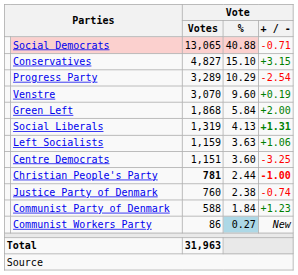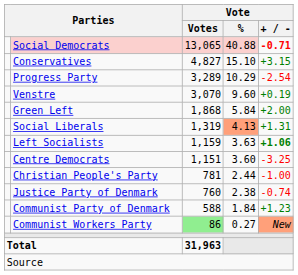 <table class="wikitable" style="text-align:right;">
 <tr>
 <th style="text-align:centre;" rowspan="2" colspan="2" width="225">Parties</th>
 <th colspan="3">Vote</th>
 </tr>
 <tr>
 <th width="15">Votes</th>
 <th width="15">%</th>
 <th width="15">+ / -</th>
 </tr>
 <tr>
 <td width="2" style="color:inherit;background:"></td>
 <td bgcolor=#fbd0ce  align="left"><a href='#'>Social Democrats</a></td>
 <td bgcolor=#fbd0ce>13,065</td>
 <td bgcolor=#fbd0ce>40.88</td>
-<td style=color:red;>-0.71</td>
+<td style=color:red;><strong>-0.71</strong></td>
 </tr>
 <tr>
 <td width="2" style="color:inherit;background:"></td>
 <td align="left"><a href='#'>Conservatives</a></td>
 <td>4,827</td>
 <td>15.10</td>
 <td style=color:green;>+3.15</td>
 </tr>
 <tr>
 <td width="2" style="color:inherit;background:"></td>
 <td align="left"><a href='#'>Progress Party</a></td>
 <td>3,289</td>
 <td>10.29</td>
 <td style=color:red;>-2.54</td>
 </tr>
 <tr>
 <td width="2" style="color:inherit;background:"></td>
 <td align="left"><a href='#'>Venstre</a></td>
 <td>3,070</td>
 <td>9.60</td>
 <td style=color:green;>+0.19</td>
 </tr>
 <tr>
 <td width="2" style="color:inherit;background:"></td>
 <td align="left"><a href='#'>Green Left</a></td>
 <td>1,868</td>
 <td>5.84</td>
 <td style=color:green;>+2.00</td>
 </tr>
 <tr>
 <td width="2" style="color:inherit;background:"></td>
 <td align="left"><a href='#'>Social Liberals</a></td>
 <td>1,319</td>
-<td>4.13</td>
-<td style=color:green;><strong>+1.31</strong></td>
+<td style="background: lightsalmon;">4.13</td>
+<td style=color:green;>+1.31</td>
 </tr>
 <tr>
 <td width="2" style="color:inherit;background:"></td>
 <td align="left"><a href='#'>Left Socialists</a></td>
 <td>1,159</td>
 <td>3.63</td>
-<td style=color:green;>+1.06</td>
+<td style=color:green;><strong>+1.06</strong></td>
 </tr>
 <tr>
 <td width="2" style="color:inherit;background:"></td>
 <td align="left"><a href='#'>Centre Democrats</a></td>
 <td>1,151</td>
 <td>3.60</td>
 <td style=color:red;>-3.25</td>
 </tr>
 <tr>
 <td width="2" style="color:inherit;background:"></td>
 <td align="left"><a href='#'>Christian People's Party</a></td>
-<td><strong>781</strong></td>
+<td>781</td>
 <td>2.44</td>
-<td style=color:red;><strong>-1.00</strong></td>
+<td style=color:red;>-1.00</td>
 </tr>
 <tr>
 <td width="2" style="color:inherit;background:"></td>
 <td align="left"><a href='#'>Justice Party of Denmark</a></td>
 <td>760</td>
 <td>2.38</td>
 <td style=color:red;>-0.74</td>
 </tr>
 <tr>
 <td width="2" style="color:inherit;background:"></td>
 <td align="left"><a href='#'>Communist Party of Denmark</a></td>
 <td>588</td>
 <td>1.84</td>
 <td style=color:green;>+1.23</td>
 </tr>
 <tr>
 <td width="2" style="color:inherit;background:"></td>
 <td align="left"><a href='#'>Communist Workers Party</a></td>
-<td>86</td>
-<td style="background: lightblue;">0.27</td>
-<td><em>New</em></td>
+<td style="background: lightgreen;">86</td>
+<td>0.27</td>
+<td style="background: lightsalmon;"><em>New</em></td>
 </tr>
 <tr>
 <td colspan="7" bgcolor="#E9E9E9"></td>
 </tr>
 <tr>
 <td align="left" colspan="2"><strong>Total</strong></td>
 <td><strong>31,963</strong></td>
 <td bgcolor="#E9E9E9" colspan="2"></td>
 </tr>
 <tr>
 <td align="left" colspan="6">Source</td>
 </tr>
 </table>
